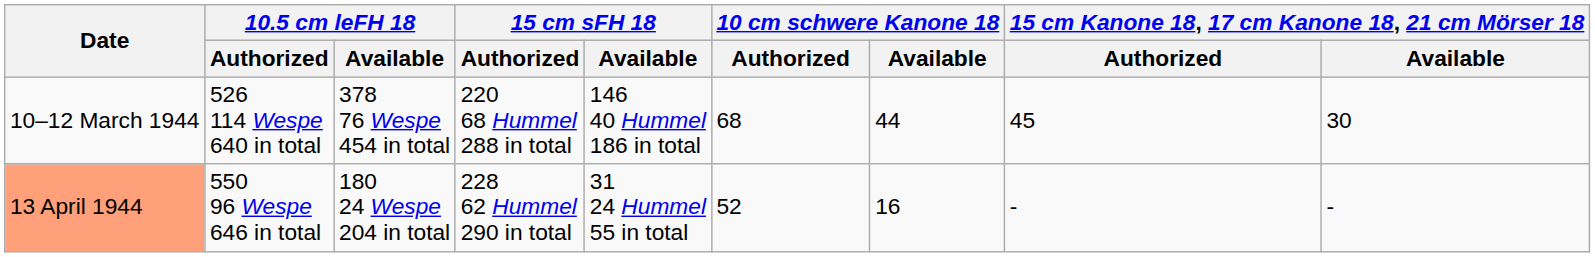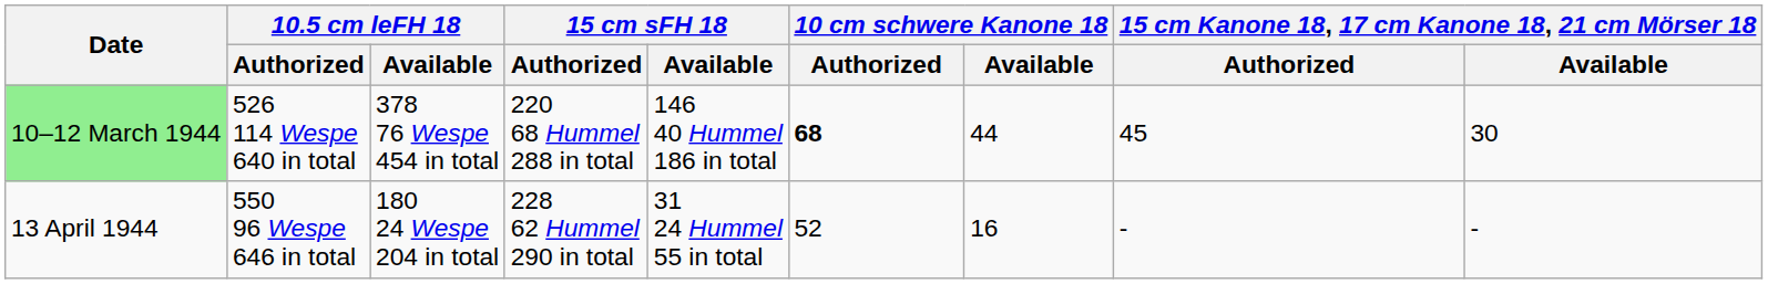 <table class="wikitable">
 <tr>
 <th rowspan="2">Date</th>
 <th colspan="2"><em><a href='#'>10.5 cm leFH 18</a></em></th>
 <th colspan="2"><em><a href='#'>15 cm sFH 18</a></em></th>
 <th colspan="2"><em><a href='#'>10 cm schwere Kanone 18</a></em></th>
 <th colspan="2"><em><a href='#'>15 cm Kanone 18</a></em>, <em><a href='#'>17 cm Kanone 18</a></em>, <em><a href='#'>21 cm Mörser 18</a></em></th>
 </tr>
 <tr>
 <th>Authorized</th>
 <th>Available</th>
 <th>Authorized</th>
 <th>Available</th>
 <th>Authorized</th>
 <th>Available</th>
 <th>Authorized</th>
 <th>Available</th>
 </tr>
 <tr>
-<td>10–12 March 1944</td>
+<td style="background: lightgreen;">10–12 March 1944</td>
 <td>526<br>114 <em><a href='#'>Wespe</a></em><br>640 in total</td>
 <td>378<br>76 <em><a href='#'>Wespe</a></em><br>454 in total</td>
 <td>220<br>68 <a href='#'><em>Hummel</em></a><br>288 in total</td>
 <td>146<br>40 <a href='#'><em>Hummel</em></a><br>186 in total</td>
-<td>68</td>
+<td><strong>68</strong></td>
 <td>44</td>
 <td>45</td>
 <td>30</td>
 </tr>
 <tr>
-<td style="background: lightsalmon;">13 April 1944</td>
+<td>13 April 1944</td>
 <td>550<br>96 <em><a href='#'>Wespe</a></em><br>646 in total</td>
 <td>180<br>24 <em><a href='#'>Wespe</a></em><br>204 in total</td>
 <td>228<br>62 <a href='#'><em>Hummel</em></a><br>290 in total</td>
 <td>31<br>24 <a href='#'><em>Hummel</em></a><br>55 in total</td>
 <td>52</td>
 <td>16</td>
 <td>-</td>
 <td>-</td>
 </tr>
 </table>
